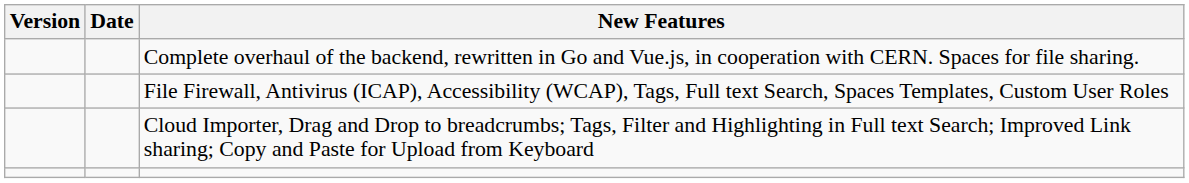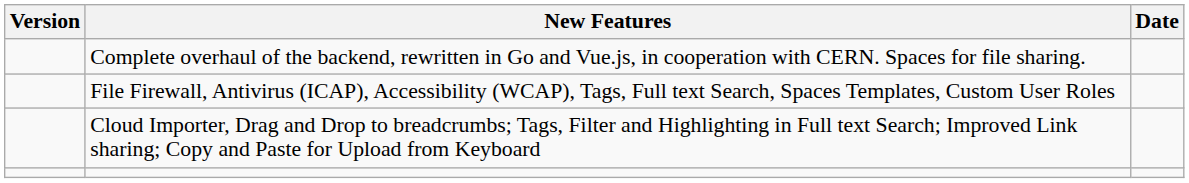 <table class="wikitable">
 <tr>
 <th>Version</th>
+<th>New Features</th>
 <th>Date</th>
-<th>New Features</th>
 </tr>
 <tr>
 <td></td>
+<td>Complete overhaul of the backend, rewritten in Go and Vue.js, in cooperation with CERN. Spaces for file sharing.</td>
 <td></td>
-<td>Complete overhaul of the backend, rewritten in Go and Vue.js, in cooperation with CERN. Spaces for file sharing.</td>
 </tr>
 <tr>
 <td></td>
+<td>File Firewall, Antivirus (ICAP), Accessibility (WCAP), Tags, Full text Search, Spaces Templates, Custom User Roles</td>
 <td></td>
-<td>File Firewall, Antivirus (ICAP), Accessibility (WCAP), Tags, Full text Search, Spaces Templates, Custom User Roles</td>
 </tr>
 <tr>
 <td></td>
+<td>Cloud Importer, Drag and Drop to breadcrumbs; Tags, Filter and Highlighting in Full text Search; Improved Link sharing; Copy and Paste for Upload from Keyboard</td>
 <td></td>
-<td>Cloud Importer, Drag and Drop to breadcrumbs; Tags, Filter and Highlighting in Full text Search; Improved Link sharing; Copy and Paste for Upload from Keyboard</td>
 </tr>
 <tr>
 <td></td>
 <td></td>
 <td></td>
 </tr>
 </table>
